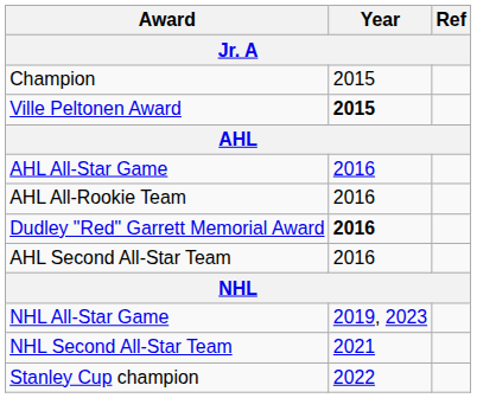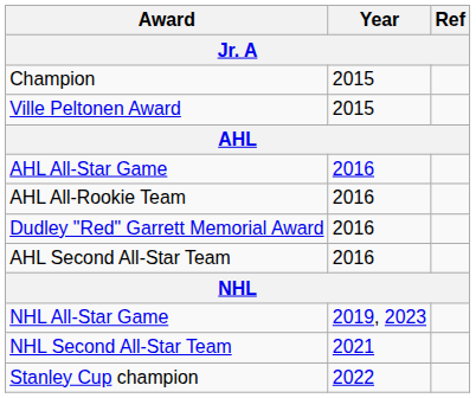 <table class="wikitable">
 <tr>
 <th>Award</th>
 <th>Year</th>
 <th>Ref</th>
 </tr>
 <tr>
 <th colspan="3"><a href='#'>Jr. A</a></th>
 </tr>
 <tr>
 <td>Champion</td>
 <td>2015</td>
 <td></td>
 </tr>
 <tr>
 <td><a href='#'>Ville Peltonen Award</a></td>
-<td><strong>2015</strong></td>
+<td>2015</td>
 <td></td>
 </tr>
 <tr>
 <th colspan="3"><a href='#'>AHL</a></th>
 </tr>
 <tr>
 <td><a href='#'>AHL All-Star Game</a></td>
 <td><a href='#'>2016</a></td>
 <td></td>
 </tr>
 <tr>
 <td>AHL All-Rookie Team</td>
 <td>2016</td>
 <td></td>
 </tr>
 <tr>
 <td><a href='#'>Dudley "Red" Garrett Memorial Award</a></td>
-<td><strong>2016</strong></td>
+<td>2016</td>
 <td></td>
 </tr>
 <tr>
 <td>AHL Second All-Star Team</td>
 <td>2016</td>
 <td></td>
 </tr>
 <tr>
 <th colspan="3"><a href='#'>NHL</a></th>
 </tr>
 <tr>
 <td><a href='#'>NHL All-Star Game</a></td>
 <td><a href='#'>2019</a>, <a href='#'>2023</a></td>
 <td></td>
 </tr>
 <tr>
 <td><a href='#'>NHL Second All-Star Team</a></td>
 <td><a href='#'>2021</a></td>
 <td></td>
 </tr>
 <tr>
 <td><a href='#'>Stanley Cup</a> champion</td>
 <td><a href='#'>2022</a></td>
 <td></td>
 </tr>
 </table>
